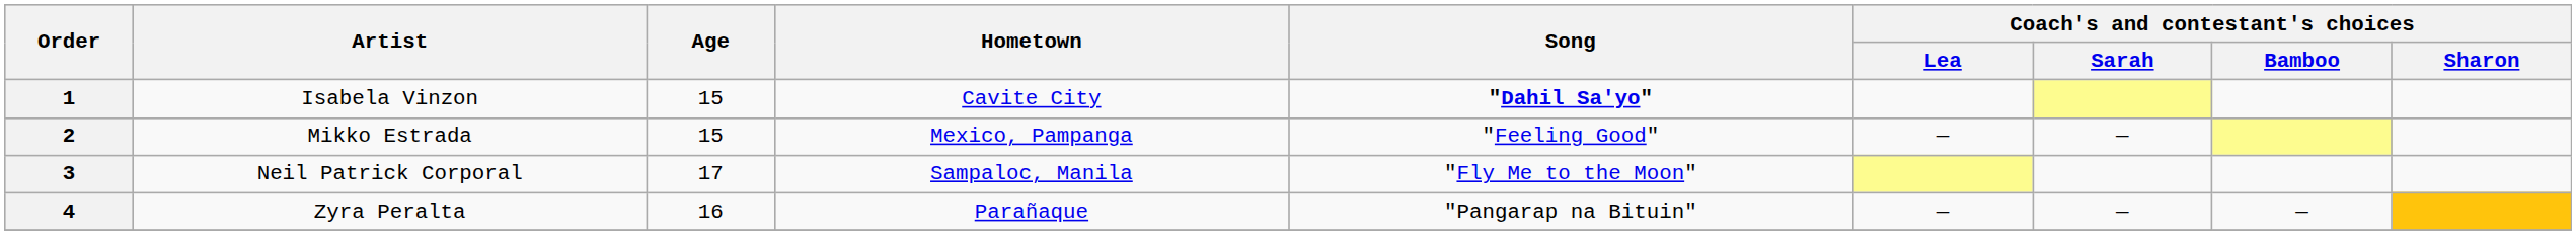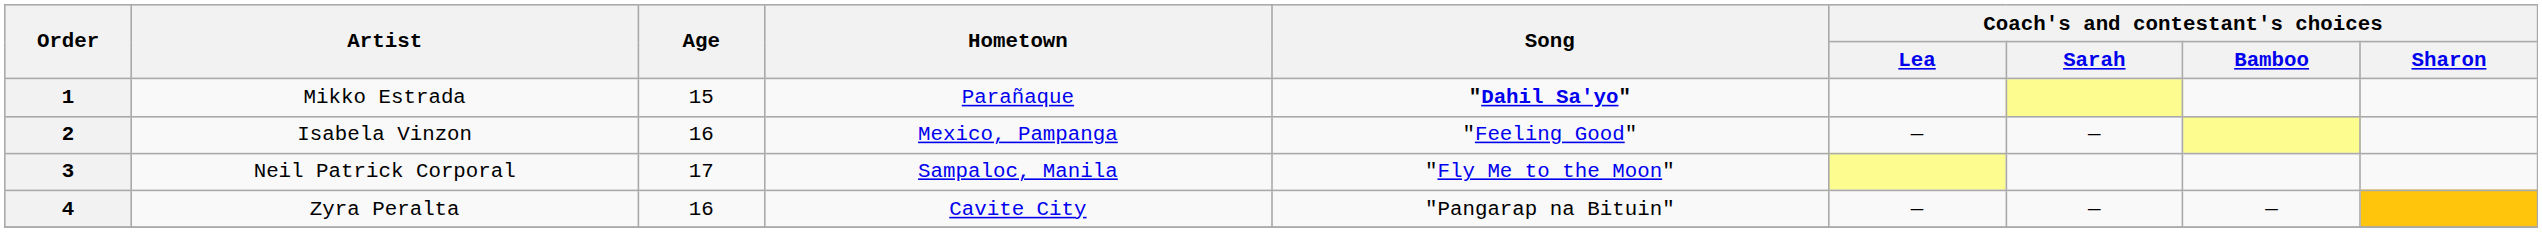 <table class="wikitable" style="text-align:center; line-height:17px; width:100%;">
 <tr>
 <th scope="col" rowspan="2" width="05%">Order</th>
 <th scope="col" rowspan="2" width="20%">Artist</th>
 <th scope="col" rowspan="2" width="05%">Age</th>
 <th scope="col" rowspan="2" width="20%">Hometown</th>
 <th scope="col" rowspan="2" width="22%">Song</th>
 <th scope="col" colspan="4" width="28%">Coach's and contestant's choices</th>
 </tr>
 <tr>
 <th width="07%"><a href='#'>Lea</a></th>
 <th width="07%"><a href='#'>Sarah</a></th>
 <th width="07%"><a href='#'>Bamboo</a></th>
 <th width="07%"><a href='#'>Sharon</a></th>
 </tr>
 <tr>
 <th scope="row">1</th>
-<td>Isabela Vinzon</td>
+<td>Mikko Estrada</td>
 <td>15</td>
-<td><a href='#'>Cavite City</a></td>
+<td><a href='#'>Parañaque</a></td>
 <td><strong>"<a href='#'>Dahil Sa'yo</a>"</strong></td>
 <td><strong></strong></td>
 <td style="background:#fdfc8f;"><strong></strong></td>
 <td><strong></strong></td>
 <td><strong></strong></td>
 </tr>
 <tr>
 <th scope="row">2</th>
-<td>Mikko Estrada</td>
-<td>15</td>
+<td>Isabela Vinzon</td>
+<td>16</td>
 <td><a href='#'>Mexico, Pampanga</a></td>
 <td>"<a href='#'>Feeling Good</a>"</td>
 <td>—</td>
 <td>—</td>
 <td style="background:#fdfc8f;"><strong></strong></td>
 <td><strong></strong></td>
 </tr>
 <tr>
 <th scope="row">3</th>
 <td>Neil Patrick Corporal</td>
 <td>17</td>
 <td><a href='#'>Sampaloc, Manila</a></td>
 <td>"<a href='#'>Fly Me to the Moon</a>"</td>
 <td style="background:#fdfc8f;"><strong></strong></td>
 <td><strong></strong></td>
 <td><strong></strong></td>
 <td><strong></strong></td>
 </tr>
 <tr>
 <th scope="row">4</th>
 <td>Zyra Peralta</td>
 <td>16</td>
-<td><a href='#'>Parañaque</a></td>
+<td><a href='#'>Cavite City</a></td>
 <td>"Pangarap na Bituin"</td>
 <td>—</td>
 <td>—</td>
 <td>—</td>
 <td style="background:#FFC40C;"><strong></strong></td>
 </tr>
 <tr>
 </tr>
 </table>
